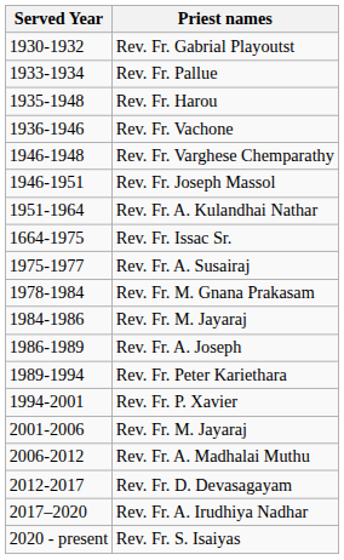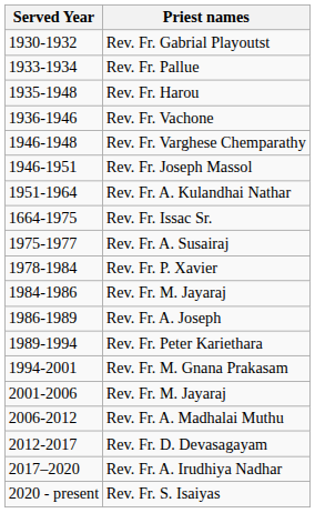 <table class="wikitable">
 <tr>
 <th>Served Year</th>
 <th>Priest names</th>
 </tr>
 <tr>
 <td>1930-1932</td>
 <td>Rev. Fr. Gabrial Playoutst</td>
 </tr>
 <tr>
 <td>1933-1934</td>
 <td>Rev. Fr. Pallue</td>
 </tr>
 <tr>
 <td>1935-1948</td>
 <td>Rev. Fr. Harou</td>
 </tr>
 <tr>
 <td>1936-1946</td>
 <td>Rev. Fr. Vachone</td>
 </tr>
 <tr>
 <td>1946-1948</td>
 <td>Rev. Fr. Varghese Chemparathy</td>
 </tr>
 <tr>
 <td>1946-1951</td>
 <td>Rev. Fr. Joseph Massol</td>
 </tr>
 <tr>
 <td>1951-1964</td>
 <td>Rev. Fr. A. Kulandhai Nathar</td>
 </tr>
 <tr>
 <td>1664-1975</td>
 <td>Rev. Fr. Issac Sr.</td>
 </tr>
 <tr>
 <td>1975-1977</td>
 <td>Rev. Fr. A. Susairaj</td>
 </tr>
 <tr>
 <td>1978-1984</td>
-<td>Rev. Fr. M. Gnana Prakasam</td>
+<td>Rev. Fr. P. Xavier</td>
 </tr>
 <tr>
 <td>1984-1986</td>
 <td>Rev. Fr. M. Jayaraj</td>
 </tr>
 <tr>
 <td>1986-1989</td>
 <td>Rev. Fr. A. Joseph</td>
 </tr>
 <tr>
 <td>1989-1994</td>
 <td>Rev. Fr. Peter Kariethara</td>
 </tr>
 <tr>
 <td>1994-2001</td>
-<td>Rev. Fr. P. Xavier</td>
+<td>Rev. Fr. M. Gnana Prakasam</td>
 </tr>
 <tr>
 <td>2001-2006</td>
 <td>Rev. Fr. M. Jayaraj</td>
 </tr>
 <tr>
 <td>2006-2012</td>
 <td>Rev. Fr. A. Madhalai Muthu</td>
 </tr>
 <tr>
 <td>2012-2017</td>
 <td>Rev. Fr. D. Devasagayam</td>
 </tr>
 <tr>
 <td>2017–2020</td>
 <td>Rev. Fr. A. Irudhiya Nadhar</td>
 </tr>
 <tr>
 <td>2020 - present</td>
 <td>Rev. Fr. S. Isaiyas</td>
 </tr>
 </table>
